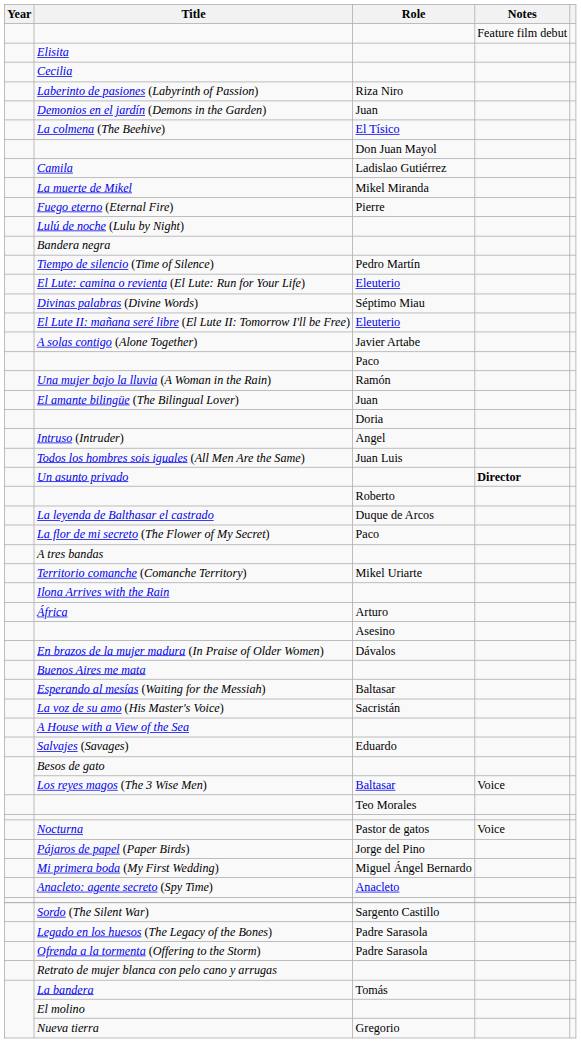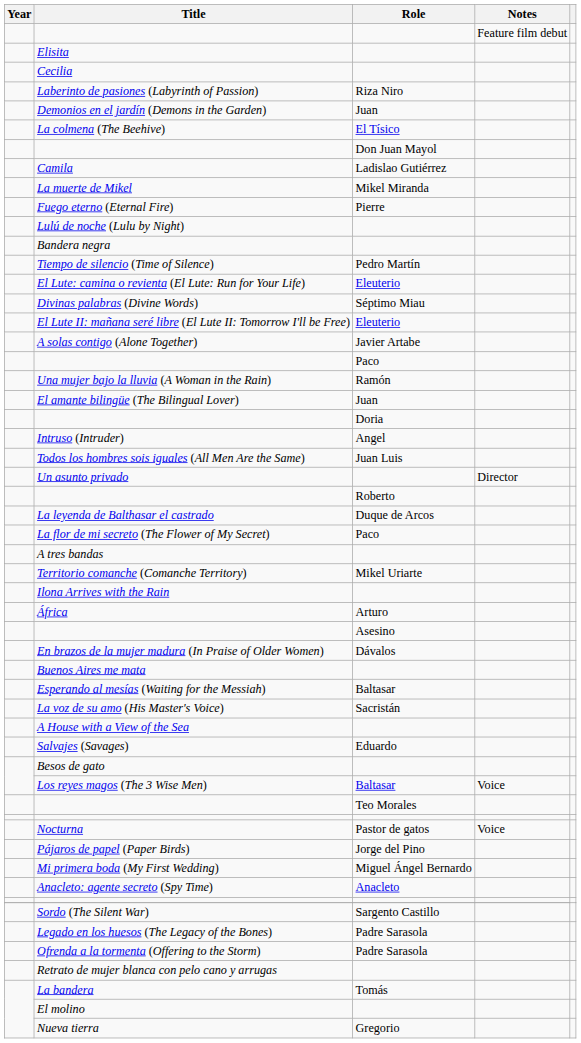 <table class="wikitable sortable">
 <tr>
 <th>Year</th>
 <th>Title</th>
 <th>Role</th>
 <th class = "unsortable">Notes</th>
 <th class = "unsortable"></th>
 </tr>
 <tr>
 <td></td>
 <td><em></em></td>
 <td></td>
 <td>Feature film debut</td>
 <td></td>
 </tr>
 <tr>
 <td></td>
 <td><em><a href='#'>Elisita</a></em></td>
 <td></td>
 <td></td>
 <td></td>
 </tr>
 <tr>
 <td></td>
 <td><em><a href='#'>Cecilia</a></em></td>
 <td></td>
 <td></td>
 <td></td>
 </tr>
 <tr>
 <td></td>
 <td><em><a href='#'>Laberinto de pasiones</a></em> (<em>Labyrinth of Passion</em>)</td>
 <td>Riza Niro</td>
 <td></td>
 <td></td>
 </tr>
 <tr>
 <td></td>
 <td><em><a href='#'>Demonios en el jardín</a></em> (<em>Demons in the Garden</em>)</td>
 <td>Juan</td>
 <td></td>
 <td></td>
 </tr>
 <tr>
 <td></td>
 <td><em><a href='#'>La colmena</a></em> (<em>The Beehive</em>)</td>
 <td><a href='#'>El Tísico</a></td>
 <td></td>
 <td></td>
 </tr>
 <tr>
 <td></td>
 <td><em></em></td>
 <td>Don Juan Mayol</td>
 <td></td>
 <td></td>
 </tr>
 <tr>
 <td></td>
 <td><em><a href='#'>Camila</a></em></td>
 <td>Ladislao Gutiérrez</td>
 <td></td>
 <td></td>
 </tr>
 <tr>
 <td></td>
 <td><em><a href='#'>La muerte de Mikel</a></em></td>
 <td>Mikel Miranda</td>
 <td></td>
 <td></td>
 </tr>
 <tr>
 <td></td>
 <td><em><a href='#'>Fuego eterno</a></em> (<em>Eternal Fire</em>)</td>
 <td>Pierre</td>
 <td></td>
 <td></td>
 </tr>
 <tr>
 <td></td>
 <td><em><a href='#'>Lulú de noche</a></em> (<em>Lulu by Night</em>)</td>
 <td></td>
 <td></td>
 <td></td>
 </tr>
 <tr>
 <td></td>
 <td><em>Bandera negra</em></td>
 <td></td>
 <td></td>
 <td></td>
 </tr>
 <tr>
 <td></td>
 <td><em><a href='#'>Tiempo de silencio</a></em> (<em>Time of Silence</em>)</td>
 <td>Pedro Martín</td>
 <td></td>
 <td></td>
 </tr>
 <tr>
 <td></td>
 <td><em><a href='#'>El Lute: camina o revienta</a></em> (<em>El Lute: Run for Your Life</em>)</td>
 <td><a href='#'>Eleuterio</a></td>
 <td></td>
 <td></td>
 </tr>
 <tr>
 <td></td>
 <td><em><a href='#'>Divinas palabras</a></em> (<em>Divine Words</em>)</td>
 <td>Séptimo Miau</td>
 <td></td>
 <td></td>
 </tr>
 <tr>
 <td></td>
 <td><em><a href='#'>El Lute II: mañana seré libre</a></em> (<em>El Lute II: Tomorrow I'll be Free</em>)</td>
 <td><a href='#'>Eleuterio</a></td>
 <td></td>
 <td></td>
 </tr>
 <tr>
 <td></td>
 <td><em><a href='#'>A solas contigo</a></em> (<em>Alone Together</em>)</td>
 <td>Javier Artabe</td>
 <td></td>
 <td></td>
 </tr>
 <tr>
 <td></td>
 <td><em></em></td>
 <td>Paco</td>
 <td></td>
 <td></td>
 </tr>
 <tr>
 <td></td>
 <td><em><a href='#'>Una mujer bajo la lluvia</a></em> (<em>A Woman in the Rain</em>)</td>
 <td>Ramón</td>
 <td></td>
 <td></td>
 </tr>
 <tr>
 <td></td>
 <td><em><a href='#'>El amante bilingüe</a></em> (<em>The Bilingual Lover</em>)</td>
 <td>Juan</td>
 <td></td>
 <td></td>
 </tr>
 <tr>
 <td></td>
 <td><em></em></td>
 <td>Doria</td>
 <td></td>
 <td></td>
 </tr>
 <tr>
 <td></td>
 <td><em><a href='#'>Intruso</a></em> (<em>Intruder</em>)</td>
 <td>Angel</td>
 <td></td>
 <td></td>
 </tr>
 <tr>
 <td></td>
 <td><em><a href='#'>Todos los hombres sois iguales</a></em> (<em>All Men Are the Same</em>)</td>
 <td>Juan Luis</td>
 <td></td>
 <td></td>
 </tr>
 <tr>
 <td></td>
 <td><em><a href='#'>Un asunto privado</a></em></td>
 <td></td>
-<td><strong>Director</strong></td>
+<td>Director</td>
 <td></td>
 </tr>
 <tr>
 <td></td>
 <td><em></em></td>
 <td>Roberto</td>
 <td></td>
 <td></td>
 </tr>
 <tr>
 <td></td>
 <td><em><a href='#'>La leyenda de Balthasar el castrado</a></em></td>
 <td>Duque de Arcos</td>
 <td></td>
 <td></td>
 </tr>
 <tr>
 <td></td>
 <td><em><a href='#'>La flor de mi secreto</a></em> (<em>The Flower of My Secret</em>)</td>
 <td>Paco</td>
 <td></td>
 <td></td>
 </tr>
 <tr>
 <td></td>
 <td><em>A tres bandas</em></td>
 <td></td>
 <td></td>
 <td></td>
 </tr>
 <tr>
 <td></td>
 <td><em><a href='#'>Territorio comanche</a></em> (<em>Comanche Territory</em>)</td>
 <td>Mikel Uriarte</td>
 <td></td>
 <td></td>
 </tr>
 <tr>
 <td></td>
 <td><em><a href='#'>Ilona Arrives with the Rain</a></em></td>
 <td></td>
 <td></td>
 <td></td>
 </tr>
 <tr>
 <td></td>
 <td><em><a href='#'>África</a></em></td>
 <td>Arturo</td>
 <td></td>
 <td></td>
 </tr>
 <tr>
 <td></td>
 <td><em></em></td>
 <td>Asesino</td>
 <td></td>
 <td></td>
 </tr>
 <tr>
 <td></td>
 <td><em><a href='#'>En brazos de la mujer madura</a></em> (<em>In Praise of Older Women</em>)</td>
 <td>Dávalos</td>
 <td></td>
 <td></td>
 </tr>
 <tr>
 <td></td>
 <td><em><a href='#'>Buenos Aires me mata</a></em></td>
 <td></td>
 <td></td>
 </tr>
 <tr>
 <td></td>
 <td><em><a href='#'>Esperando al mesías</a></em> (<em>Waiting for the Messiah</em>)</td>
 <td>Baltasar</td>
 <td></td>
 <td></td>
 </tr>
 <tr>
 <td></td>
 <td><em><a href='#'>La voz de su amo</a></em> (<em>His Master's Voice</em>)</td>
 <td>Sacristán</td>
 <td></td>
 <td></td>
 </tr>
 <tr>
 <td></td>
 <td><em><a href='#'>A House with a View of the Sea</a></em></td>
 <td></td>
 <td></td>
 </tr>
 <tr>
 <td></td>
 <td><em><a href='#'>Salvajes</a></em> (<em>Savages</em>)</td>
 <td>Eduardo</td>
 <td></td>
 <td></td>
 </tr>
 <tr>
 <td rowspan = "2"></td>
 <td><em>Besos de gato</em></td>
 <td></td>
 <td></td>
 </tr>
 <tr>
 <td><em><a href='#'>Los reyes magos</a></em> (<em>The 3 Wise Men</em>)</td>
 <td><a href='#'>Baltasar</a></td>
 <td>Voice</td>
 <td></td>
 </tr>
 <tr>
 <td></td>
 <td><em></em></td>
 <td>Teo Morales</td>
 <td></td>
 <td></td>
 </tr>
 <tr>
 <td></td>
 <td><em></em></td>
 <td></td>
 <td></td>
 <td></td>
 </tr>
 <tr>
 <td></td>
 <td><em><a href='#'>Nocturna</a></em></td>
 <td>Pastor de gatos</td>
 <td>Voice</td>
 <td></td>
 </tr>
 <tr>
 <td></td>
 <td><em><a href='#'>Pájaros de papel</a></em> (<em>Paper Birds</em>)</td>
 <td>Jorge del Pino</td>
 <td></td>
 <td></td>
 </tr>
 <tr>
 <td></td>
 <td><em><a href='#'>Mi primera boda</a></em> (<em>My First Wedding</em>)</td>
 <td>Miguel Ángel Bernardo</td>
 <td></td>
 <td></td>
 </tr>
 <tr>
 <td></td>
 <td><em><a href='#'>Anacleto: agente secreto</a></em> (<em>Spy Time</em>)</td>
 <td><a href='#'>Anacleto</a></td>
 <td></td>
 <td></td>
 </tr>
 <tr>
 <td></td>
 <td><em></em></td>
 <td></td>
 <td></td>
 </tr>
 <tr>
 </tr>
 <tr>
 <td></td>
 <td><em><a href='#'>Sordo</a></em> (<em>The Silent War</em>)</td>
 <td>Sargento Castillo</td>
 <td></td>
 <td></td>
 </tr>
 <tr>
 <td></td>
 <td><em><a href='#'>Legado en los huesos</a></em> (<em>The Legacy of the Bones</em>)</td>
 <td>Padre Sarasola</td>
 <td></td>
 <td></td>
 </tr>
 <tr>
 <td></td>
 <td><em><a href='#'>Ofrenda a la tormenta</a></em> (<em>Offering to the Storm</em>)</td>
 <td>Padre Sarasola</td>
 <td></td>
 <td></td>
 </tr>
 <tr>
 <td></td>
 <td><em>Retrato de mujer blanca con pelo cano y arrugas</em></td>
 <td></td>
 <td></td>
 </tr>
 <tr>
 <td rowspan = "3"></td>
 <td><em><a href='#'>La bandera</a></em></td>
 <td>Tomás</td>
 <td></td>
 <td></td>
 </tr>
 <tr>
 <td><em>El molino</em></td>
 <td></td>
 <td></td>
 <td></td>
 </tr>
 <tr>
 <td><em>Nueva tierra</em></td>
 <td>Gregorio</td>
 <td></td>
 <td></td>
 </tr>
 </table>
